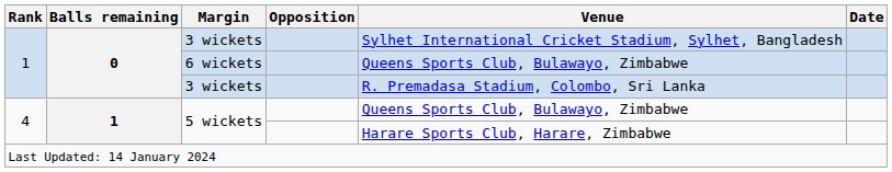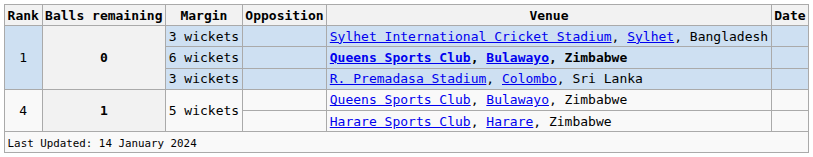 <table class="wikitable sortable">
 <tr>
 <th scope=col>Rank</th>
 <th scope=col>Balls remaining</th>
 <th scope=col>Margin</th>
 <th scope=col>Opposition</th>
 <th scope=col>Venue</th>
 <th scope=col>Date</th>
 </tr>
 <tr bgcolor=#cee0f2>
 <td align=center rowspan=3>1</td>
 <th scope=row style=text-align:center rowspan=3>0</th>
 <td scope=row style=text-align:center;>3 wickets</td>
 <td></td>
 <td><a href='#'>Sylhet International Cricket Stadium</a>, <a href='#'>Sylhet</a>, Bangladesh</td>
 <td></td>
 </tr>
 <tr bgcolor=#cee0f2>
 <td scope=row style=text-align:center;>6 wickets</td>
 <td></td>
-<td><a href='#'>Queens Sports Club</a>, <a href='#'>Bulawayo</a>, Zimbabwe</td>
+<td><strong><a href='#'>Queens Sports Club</a>, <a href='#'>Bulawayo</a>, Zimbabwe</strong></td>
 <td></td>
 </tr>
 <tr bgcolor=#cee0f2>
 <td scope=row style=text-align:center;>3 wickets</td>
 <td></td>
 <td><a href='#'>R. Premadasa Stadium</a>, <a href='#'>Colombo</a>, Sri Lanka</td>
 <td></td>
 </tr>
 <tr>
 <td align=center rowspan=2>4</td>
 <th scope=row style=text-align:center rowspan=2>1</th>
 <td scope=row style=text-align:center; rowspan=2>5 wickets</td>
 <td></td>
 <td><a href='#'>Queens Sports Club</a>, <a href='#'>Bulawayo</a>, Zimbabwe</td>
 <td></td>
 </tr>
 <tr>
 <td></td>
 <td><a href='#'>Harare Sports Club</a>, <a href='#'>Harare</a>, Zimbabwe</td>
 <td></td>
 </tr>
 <tr>
 </tr>
 <tr class=sortbottom>
 <td colspan=6><small>Last Updated: 14 January 2024</small></td>
 </tr>
 </table>
